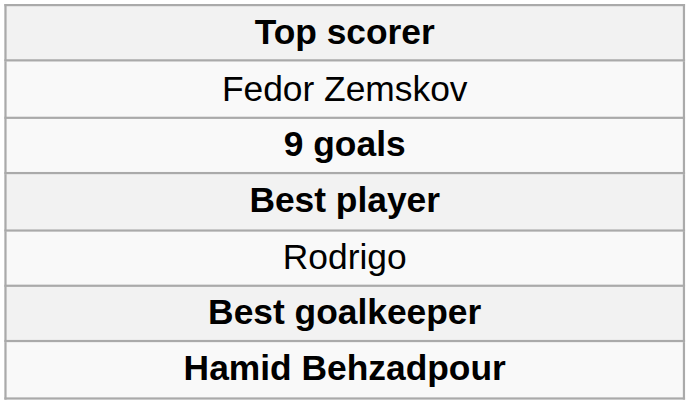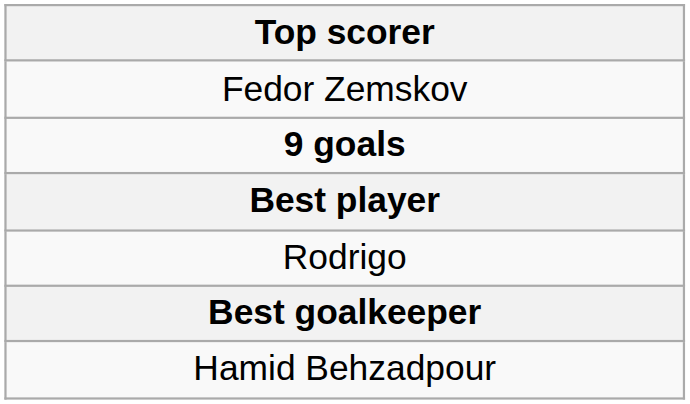 <table class="wikitable" style="margin: 1em auto 1em auto;">
 <tr>
 <th width=300>Top scorer</th>
 </tr>
 <tr align=center style="background:">
 <td style="text-align:center;"> Fedor Zemskov</td>
 </tr>
 <tr>
 <td style="text-align:center;"><strong>9 goals</strong></td>
 </tr>
 <tr>
 <th>Best player</th>
 </tr>
 <tr>
 <td style="text-align:center;"> Rodrigo</td>
 </tr>
 <tr>
 <th>Best goalkeeper</th>
 </tr>
 <tr>
-<td style="text-align:center;"><strong> Hamid Behzadpour</strong></td>
+<td style="text-align:center;"> Hamid Behzadpour</td>
 </tr>
 </table>
